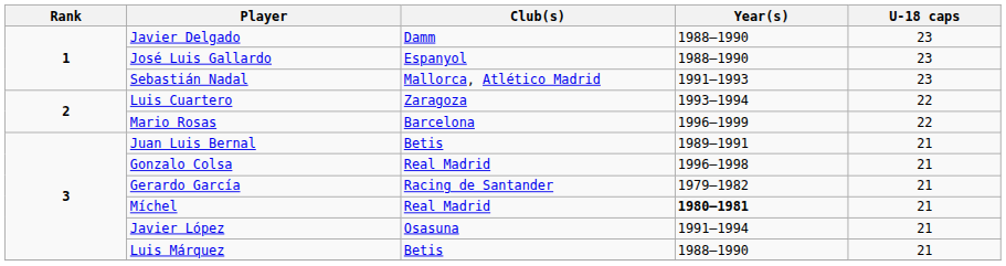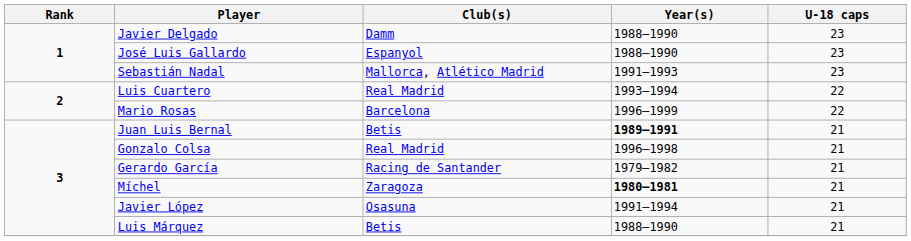 <table class="wikitable" width=50%>
 <tr>
 <th width = 3%>Rank</th>
 <th width = 7%>Player</th>
 <th width = 7%>Club(s)</th>
 <th width = 4%>Year(s)</th>
 <th width = 4%>U-18 caps</th>
 </tr>
 <tr>
 <td align=center rowspan=3><strong>1</strong></td>
 <td><a href='#'>Javier Delgado</a></td>
 <td><a href='#'>Damm</a></td>
 <td>1988–1990</td>
 <td align=center>23</td>
 </tr>
 <tr>
 <td><a href='#'>José Luis Gallardo</a></td>
 <td><a href='#'>Espanyol</a></td>
 <td>1988–1990</td>
 <td align=center>23</td>
 </tr>
 <tr>
 <td><a href='#'>Sebastián Nadal</a></td>
 <td><a href='#'>Mallorca</a>, <a href='#'>Atlético Madrid</a></td>
 <td>1991–1993</td>
 <td align=center>23</td>
 </tr>
 <tr>
 <td align=center rowspan=2><strong>2</strong></td>
 <td><a href='#'>Luis Cuartero</a></td>
-<td><a href='#'>Zaragoza</a></td>
+<td><a href='#'>Real Madrid</a></td>
 <td>1993–1994</td>
 <td align=center>22</td>
 </tr>
 <tr>
 <td><a href='#'>Mario Rosas</a></td>
 <td><a href='#'>Barcelona</a></td>
 <td>1996–1999</td>
 <td align=center>22</td>
 </tr>
 <tr>
 <td align=center rowspan=6><strong>3</strong></td>
 <td><a href='#'>Juan Luis Bernal</a></td>
 <td><a href='#'>Betis</a></td>
-<td>1989–1991</td>
+<td><strong>1989–1991</strong></td>
 <td align=center>21</td>
 </tr>
 <tr>
 <td><a href='#'>Gonzalo Colsa</a></td>
 <td><a href='#'>Real Madrid</a></td>
 <td>1996–1998</td>
 <td align=center>21</td>
 </tr>
 <tr>
 <td><a href='#'>Gerardo García</a></td>
 <td><a href='#'>Racing de Santander</a></td>
 <td>1979–1982</td>
 <td align=center>21</td>
 </tr>
 <tr>
 <td><a href='#'>Míchel</a></td>
-<td><a href='#'>Real Madrid</a></td>
+<td><a href='#'>Zaragoza</a></td>
 <td><strong>1980–1981</strong></td>
 <td align=center>21</td>
 </tr>
 <tr>
 <td><a href='#'>Javier López</a></td>
 <td><a href='#'>Osasuna</a></td>
 <td>1991–1994</td>
 <td align=center>21</td>
 </tr>
 <tr>
 <td><a href='#'>Luis Márquez</a></td>
 <td><a href='#'>Betis</a></td>
 <td>1988–1990</td>
 <td align=center>21</td>
 </tr>
 <tr>
 </tr>
 </table>
